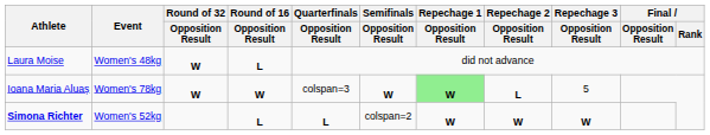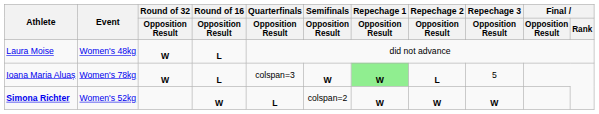 <table class="wikitable" style="font-size:90%">
 <tr>
 <th rowspan="2">Athlete</th>
 <th rowspan="2">Event</th>
 <th>Round of 32</th>
 <th>Round of 16</th>
 <th>Quarterfinals</th>
 <th>Semifinals</th>
 <th>Repechage 1</th>
 <th>Repechage 2</th>
 <th>Repechage 3</th>
 <th colspan=2>Final / </th>
 </tr>
 <tr style="font-size:95%">
 <th>Opposition<br>Result</th>
 <th>Opposition<br>Result</th>
 <th>Opposition<br>Result</th>
 <th>Opposition<br>Result</th>
 <th>Opposition<br>Result</th>
 <th>Opposition<br>Result</th>
 <th>Opposition<br>Result</th>
 <th>Opposition<br>Result</th>
 <th>Rank</th>
 </tr>
 <tr align=center>
 <td align=left><a href='#'>Laura Moise</a></td>
 <td align=left><a href='#'>Women's 48kg</a></td>
 <td><br><strong>W</strong></td>
 <td><br><strong>L</strong></td>
 <td colspan=7>did not advance</td>
 </tr>
 <tr align=center>
 <td align=left><a href='#'>Ioana Maria Aluaș</a></td>
 <td align=left><a href='#'>Women's 78kg</a></td>
 <td><br><strong>W</strong></td>
-<td><br><strong>W</strong></td>
+<td><br><strong>L</strong></td>
 <td>colspan=3 </td>
 <td><br><strong>W</strong></td>
 <td style="background: lightgreen;"><br><strong>W</strong></td>
 <td><br><strong>L</strong></td>
 <td>5</td>
 </tr>
 <tr align=center>
 <td align=left><strong><a href='#'>Simona Richter</a></strong></td>
 <td align=left><a href='#'>Women's 52kg</a></td>
 <td></td>
-<td><br><strong>L</strong></td>
+<td><br><strong>W</strong></td>
 <td><br><strong>L</strong></td>
 <td>colspan=2 </td>
 <td><br><strong>W</strong></td>
 <td><br><strong>W</strong></td>
 <td><br><strong>W</strong></td>
 <td></td>
 </tr>
 </table>
